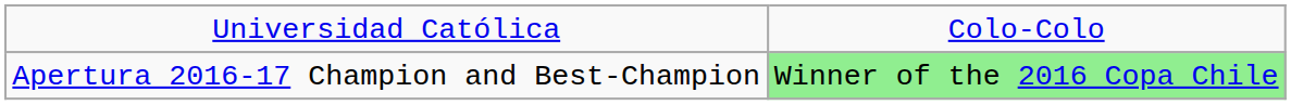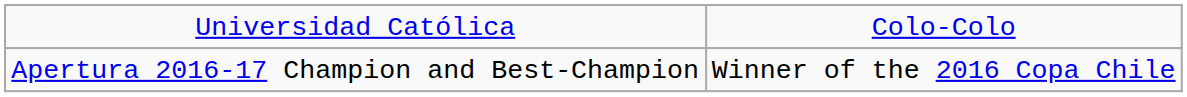 <table class="wikitable" style="text-align:center">
 <tr>
 <td> <a href='#'>Universidad Católica</a></td>
 <td> <a href='#'>Colo-Colo</a></td>
 </tr>
 <tr>
 <td><a href='#'>Apertura 2016-17</a> Champion and Best-Champion</td>
-<td style="background: lightgreen;">Winner of the <a href='#'>2016 Copa Chile</a></td>
+<td>Winner of the <a href='#'>2016 Copa Chile</a></td>
 </tr>
 </table>
